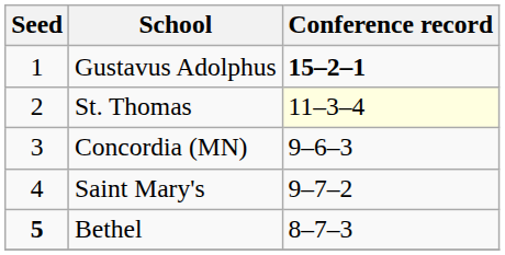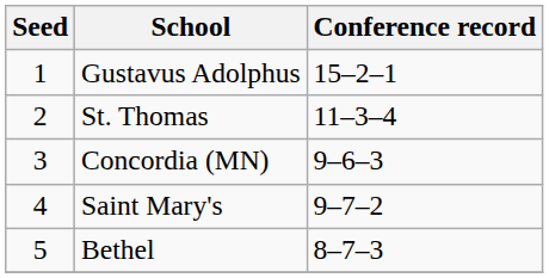 <table class="wikitable">
 <tr>
 <th>Seed</th>
 <th>School</th>
 <th>Conference record</th>
 </tr>
 <tr>
 <td align=center>1</td>
 <td>Gustavus Adolphus</td>
-<td><strong>15–2–1</strong></td>
+<td>15–2–1</td>
 </tr>
 <tr>
 <td align=center>2</td>
 <td>St. Thomas</td>
-<td style="background: lightyellow;">11–3–4</td>
+<td>11–3–4</td>
 </tr>
 <tr>
 <td align=center>3</td>
 <td>Concordia (MN)</td>
 <td>9–6–3</td>
 </tr>
 <tr>
 <td align=center>4</td>
 <td>Saint Mary's</td>
 <td>9–7–2</td>
 </tr>
 <tr>
-<td align=center><strong>5</strong></td>
+<td align=center>5</td>
 <td>Bethel</td>
 <td>8–7–3</td>
 </tr>
 <tr>
 </tr>
 </table>
